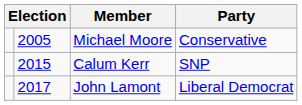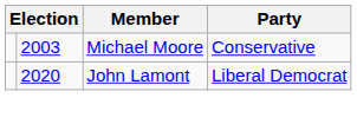 <table class="wikitable">
 <tr>
 <th colspan=2>Election</th>
 <th>Member</th>
 <th>Party</th>
 </tr>
 <tr>
 <td style="color:inherit;background-color: "></td>
-<td><a href='#'>2005</a></td>
+<td><a href='#'>2003</a></td>
 <td><a href='#'>Michael Moore</a></td>
 <td><a href='#'>Conservative</a></td>
 </tr>
 <tr>
 <td style="color:inherit;background-color: "></td>
-<td><a href='#'>2015</a></td>
-<td><a href='#'>Calum Kerr</a></td>
-<td><a href='#'>SNP</a></td>
-</tr>
-<tr>
-<td style="color:inherit;background-color: "></td>
-<td><a href='#'>2017</a></td>
+<td><a href='#'>2020</a></td>
 <td><a href='#'>John Lamont</a></td>
 <td><a href='#'>Liberal Democrat</a></td>
 </tr>
 </table>
